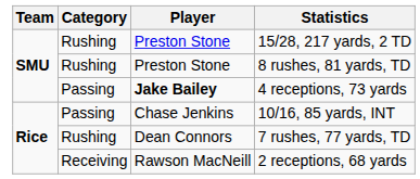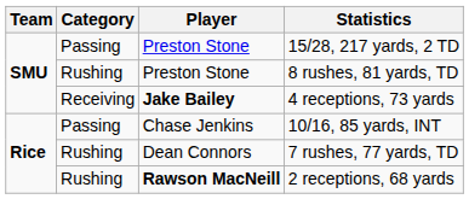 <table class="wikitable" style="float: right;">
 <tr>
 <th>Team</th>
 <th>Category</th>
 <th>Player</th>
 <th>Statistics</th>
 </tr>
 <tr>
 <td rowspan=3><strong>SMU</strong></td>
-<td>Rushing</td>
+<td>Passing</td>
 <td><a href='#'>Preston Stone</a></td>
 <td>15/28, 217 yards, 2 TD</td>
 </tr>
 <tr>
 <td>Rushing</td>
 <td>Preston Stone</td>
 <td>8 rushes, 81 yards, TD</td>
 </tr>
 <tr>
-<td>Passing</td>
+<td>Receiving</td>
 <td><strong>Jake Bailey</strong></td>
 <td>4 receptions, 73 yards</td>
 </tr>
 <tr>
 <td rowspan=3><strong>Rice</strong></td>
 <td>Passing</td>
 <td>Chase Jenkins</td>
 <td>10/16, 85 yards, INT</td>
 </tr>
 <tr>
 <td>Rushing</td>
 <td>Dean Connors</td>
 <td>7 rushes, 77 yards, TD</td>
 </tr>
 <tr>
-<td>Receiving</td>
-<td>Rawson MacNeill</td>
+<td>Rushing</td>
+<td><strong>Rawson MacNeill</strong></td>
 <td>2 receptions, 68 yards</td>
 </tr>
 </table>
